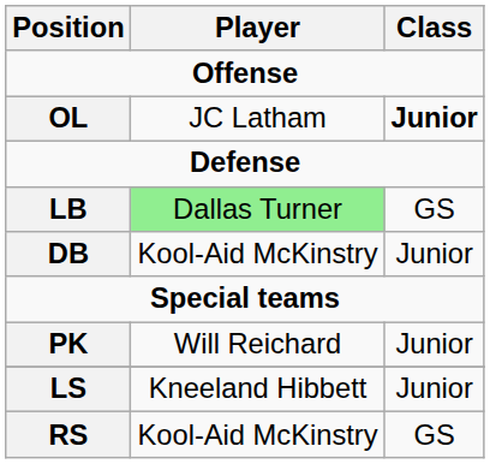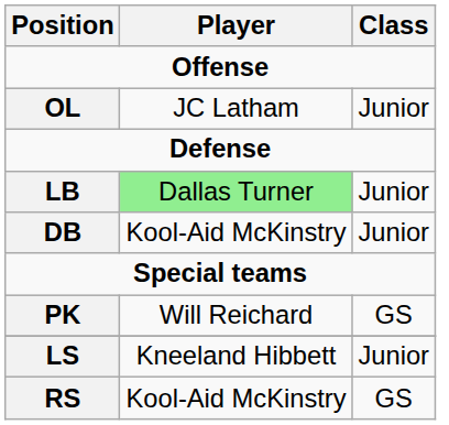 <table class="wikitable">
 <tr>
 <th>Position</th>
 <th>Player</th>
 <th>Class</th>
 </tr>
 <tr>
 <td colspan="4" style="text-align:center; "><strong>Offense</strong></td>
 </tr>
 <tr style="text-align:center;">
 <th rowspan="1">OL</th>
 <td>JC Latham</td>
-<td><strong>Junior</strong></td>
+<td>Junior</td>
 </tr>
 <tr>
 <td colspan="4" style="text-align:center; "><strong>Defense</strong></td>
 </tr>
 <tr style="text-align:center;">
 <th rowspan="1">LB</th>
 <td style="background: lightgreen;">Dallas Turner</td>
-<td>GS</td>
+<td>Junior</td>
 </tr>
 <tr style="text-align:center;">
 <th rowspan="1">DB</th>
 <td>Kool-Aid McKinstry</td>
 <td>Junior</td>
 </tr>
 <tr>
 <td colspan="4" style="text-align:center; "><strong>Special teams</strong></td>
 </tr>
 <tr style="text-align:center;">
 <th rowspan="1">PK</th>
 <td>Will Reichard</td>
-<td>Junior</td>
+<td>GS</td>
 </tr>
 <tr>
 </tr>
 <tr style="text-align:center;">
 <th rowspan="1">LS</th>
 <td>Kneeland Hibbett</td>
 <td>Junior</td>
 </tr>
 <tr style="text-align:center;">
 <th rowspan="1">RS</th>
 <td>Kool-Aid McKinstry</td>
 <td>GS</td>
 </tr>
 </table>
